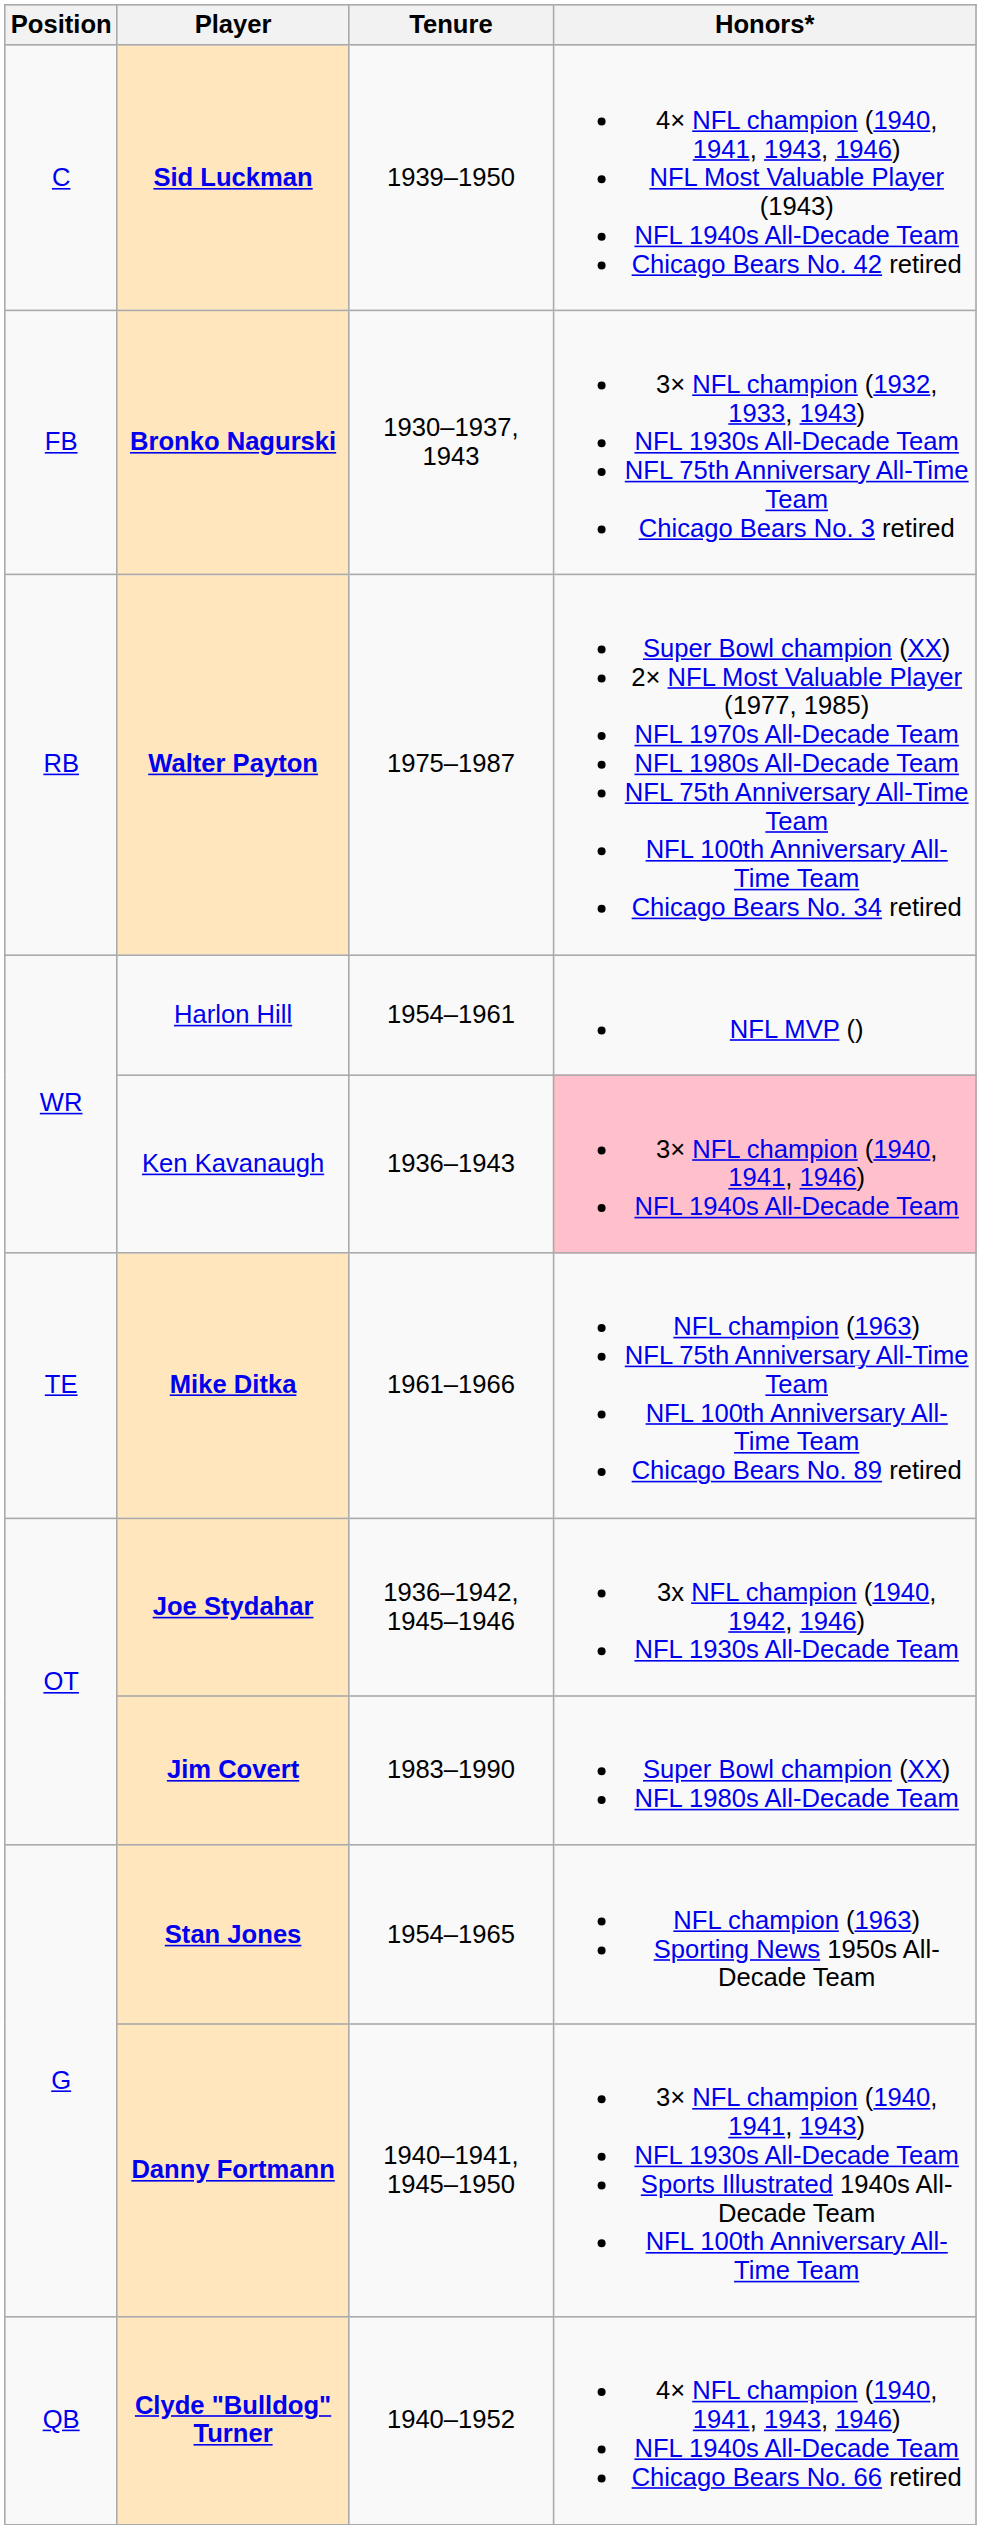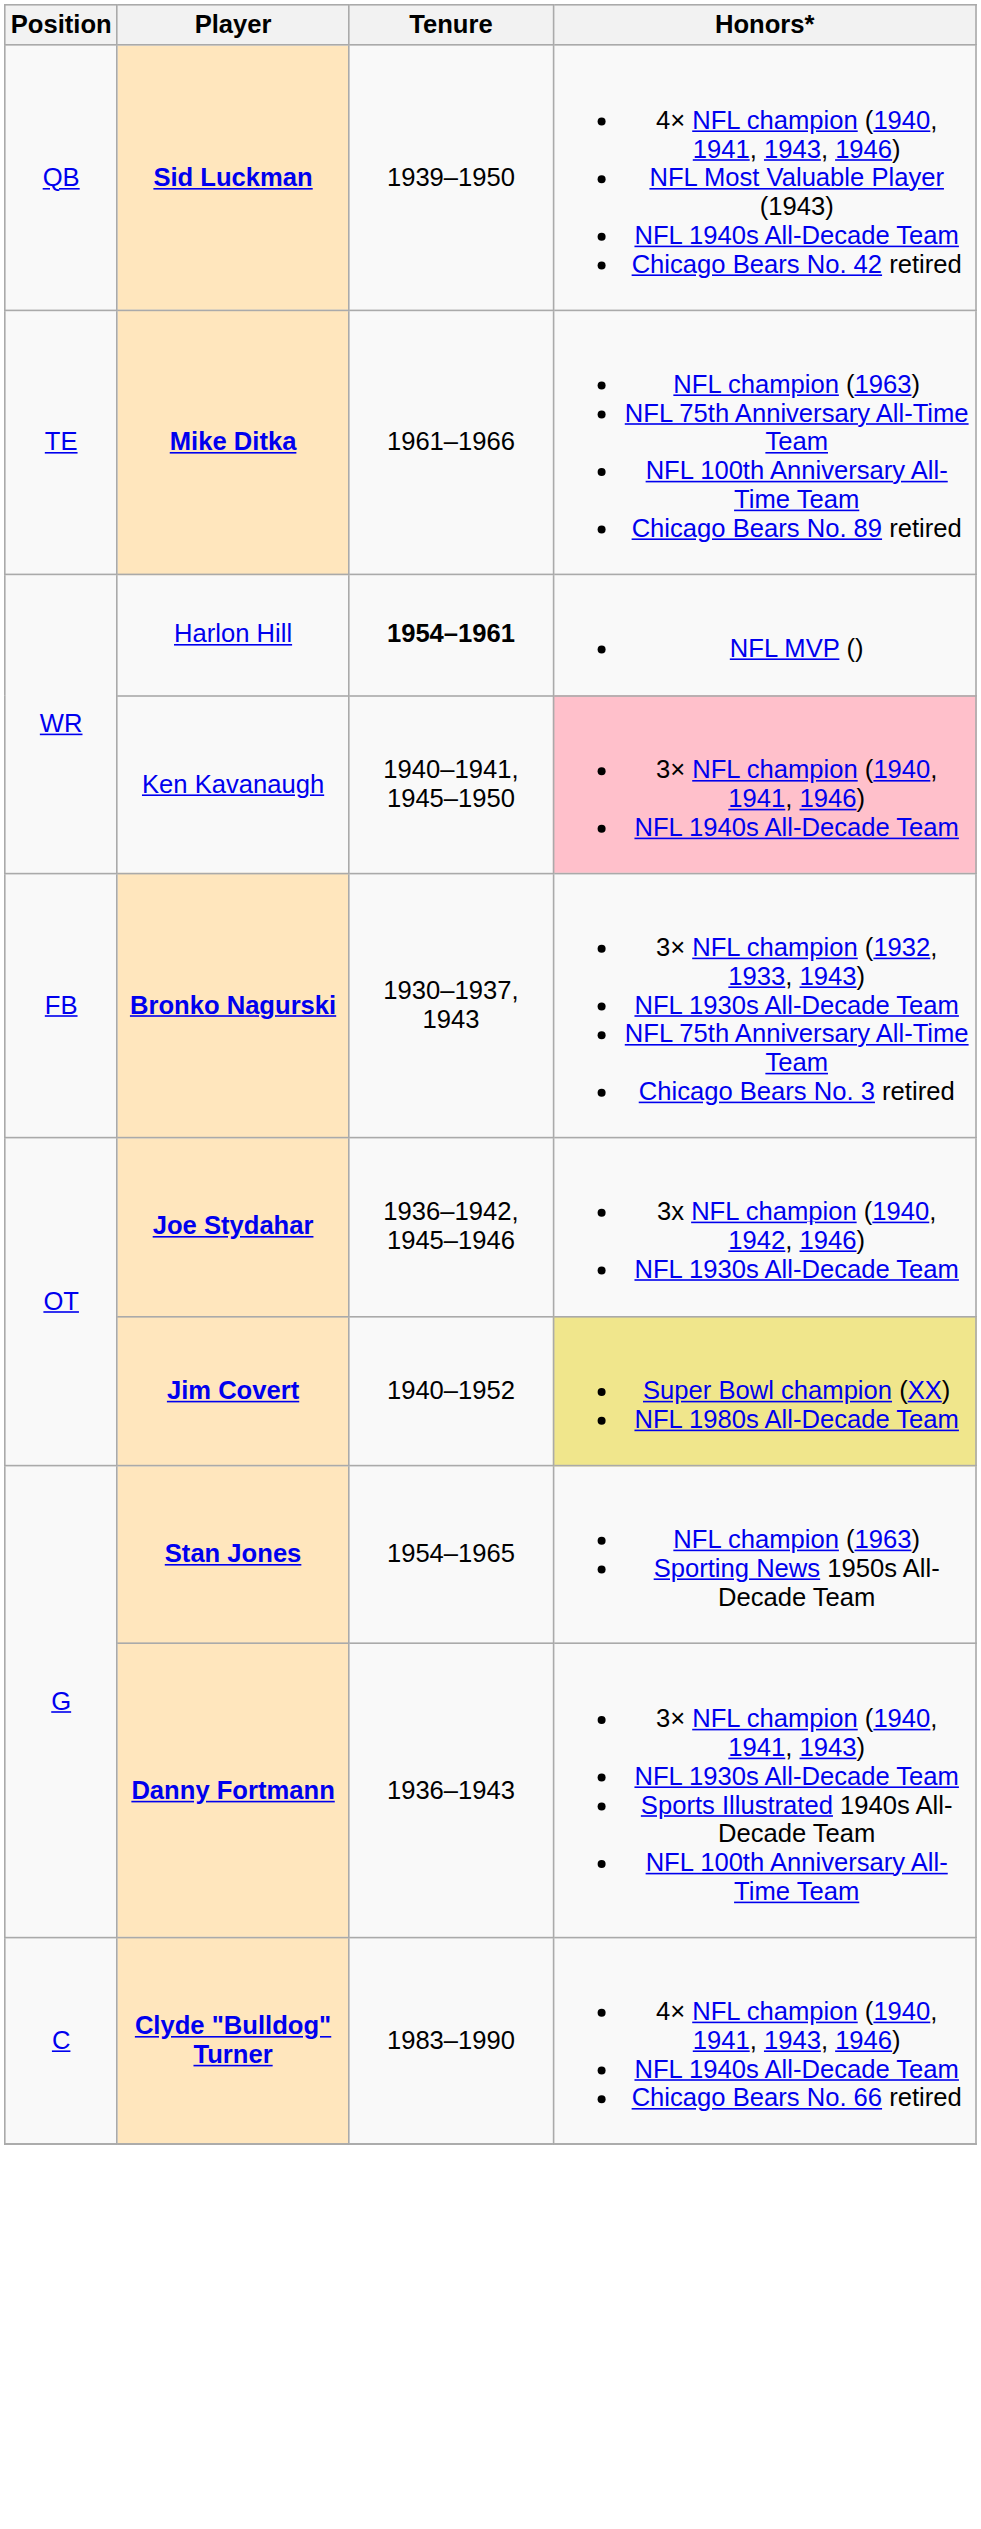 <table class="wikitable" style="text-align:center">
 <tr>
 <th>Position</th>
 <th>Player</th>
 <th>Tenure</th>
 <th>Honors*</th>
 </tr>
 <tr>
-<td rowspan=1><a href='#'>C</a></td>
+<td rowspan=1><a href='#'>QB</a></td>
 <td style="background-color:#FFE6BD"><strong><a href='#'>Sid Luckman</a></strong></td>
 <td>1939–1950</td>
 <td><br><ul><li>4× <a href='#'>NFL champion</a> (<a href='#'>1940</a>, <a href='#'>1941</a>, <a href='#'>1943</a>, <a href='#'>1946</a>)</li><li><a href='#'>NFL Most Valuable Player</a> (1943)</li><li><a href='#'>NFL 1940s All-Decade Team</a></li><li><a href='#'>Chicago Bears No. 42</a> retired</li></ul></td>
+</tr>
+<tr>
+<td rowspan=1><a href='#'>TE</a></td>
+<td style="background-color:#FFE6BD"><strong><a href='#'>Mike Ditka</a></strong></td>
+<td>1961–1966</td>
+<td><br><ul><li><a href='#'>NFL champion</a> (<a href='#'>1963</a>)</li><li><a href='#'>NFL 75th Anniversary All-Time Team</a></li><li><a href='#'>NFL 100th Anniversary All-Time Team</a></li><li><a href='#'>Chicago Bears No. 89</a> retired</li></ul></td>
+</tr>
+<tr>
+<td rowspan=2><a href='#'>WR</a></td>
+<td><a href='#'>Harlon Hill</a></td>
+<td><strong>1954–1961</strong></td>
+<td><br><ul><li><a href='#'>NFL MVP</a> ()</li></ul></td>
+</tr>
+<tr>
+<td><a href='#'>Ken Kavanaugh</a></td>
+<td>1940–1941, 1945–1950</td>
+<td style="background: pink;"><br><ul><li>3× <a href='#'>NFL champion</a> (<a href='#'>1940</a>, <a href='#'>1941</a>, <a href='#'>1946</a>)</li><li><a href='#'>NFL 1940s All-Decade Team</a></li></ul></td>
 </tr>
 <tr>
 <td rowspan=1><a href='#'>FB</a></td>
 <td style="background-color:#FFE6BD"><strong><a href='#'>Bronko Nagurski</a></strong></td>
 <td>1930–1937, 1943</td>
 <td><br><ul><li>3× <a href='#'>NFL champion</a> (<a href='#'>1932</a>, <a href='#'>1933</a>, <a href='#'>1943</a>)</li><li><a href='#'>NFL 1930s All-Decade Team</a></li><li><a href='#'>NFL 75th Anniversary All-Time Team</a></li><li><a href='#'>Chicago Bears No. 3</a> retired</li></ul></td>
-</tr>
-<tr>
-<td rowspan=1><a href='#'>RB</a></td>
-<td style="background-color:#FFE6BD"><strong><a href='#'>Walter Payton</a></strong></td>
-<td>1975–1987</td>
-<td><br><ul><li><a href='#'>Super Bowl champion</a> (<a href='#'>XX</a>)</li><li>2× <a href='#'>NFL Most Valuable Player</a> (1977, 1985)</li><li><a href='#'>NFL 1970s All-Decade Team</a></li><li><a href='#'>NFL 1980s All-Decade Team</a></li><li><a href='#'>NFL 75th Anniversary All-Time Team</a></li><li><a href='#'>NFL 100th Anniversary All-Time Team</a></li><li><a href='#'>Chicago Bears No. 34</a> retired</li></ul></td>
-</tr>
-<tr>
-<td rowspan=2><a href='#'>WR</a></td>
-<td><a href='#'>Harlon Hill</a></td>
-<td>1954–1961</td>
-<td><br><ul><li><a href='#'>NFL MVP</a> ()</li></ul></td>
-</tr>
-<tr>
-<td><a href='#'>Ken Kavanaugh</a></td>
-<td>1936–1943</td>
-<td style="background: pink;"><br><ul><li>3× <a href='#'>NFL champion</a> (<a href='#'>1940</a>, <a href='#'>1941</a>, <a href='#'>1946</a>)</li><li><a href='#'>NFL 1940s All-Decade Team</a></li></ul></td>
-</tr>
-<tr>
-<td rowspan=1><a href='#'>TE</a></td>
-<td style="background-color:#FFE6BD"><strong><a href='#'>Mike Ditka</a></strong></td>
-<td>1961–1966</td>
-<td><br><ul><li><a href='#'>NFL champion</a> (<a href='#'>1963</a>)</li><li><a href='#'>NFL 75th Anniversary All-Time Team</a></li><li><a href='#'>NFL 100th Anniversary All-Time Team</a></li><li><a href='#'>Chicago Bears No. 89</a> retired</li></ul></td>
 </tr>
 <tr>
 <td rowspan=2><a href='#'>OT</a></td>
 <td style="background-color:#FFE6BD"><strong><a href='#'>Joe Stydahar</a></strong></td>
 <td>1936–1942, 1945–1946</td>
 <td><br><ul><li>3x <a href='#'>NFL champion</a> (<a href='#'>1940</a>, <a href='#'>1942</a>, <a href='#'>1946</a>)</li><li><a href='#'>NFL 1930s All-Decade Team</a></li></ul></td>
 </tr>
 <tr>
 <td style="background-color:#FFE6BD"><strong><a href='#'>Jim Covert</a></strong></td>
-<td>1983–1990</td>
-<td><br><ul><li><a href='#'>Super Bowl champion</a> (<a href='#'>XX</a>)</li><li><a href='#'>NFL 1980s All-Decade Team</a></li></ul></td>
+<td>1940–1952</td>
+<td style="background: khaki;"><br><ul><li><a href='#'>Super Bowl champion</a> (<a href='#'>XX</a>)</li><li><a href='#'>NFL 1980s All-Decade Team</a></li></ul></td>
 </tr>
 <tr>
 <td rowspan=2><a href='#'>G</a></td>
 <td style="background-color:#FFE6BD"><strong><a href='#'>Stan Jones</a></strong></td>
 <td>1954–1965</td>
 <td><br><ul><li><a href='#'>NFL champion</a> (<a href='#'>1963</a>)</li><li><a href='#'>Sporting News</a> 1950s All-Decade Team</li></ul></td>
 </tr>
 <tr>
 <td style="background-color:#FFE6BD"><strong><a href='#'>Danny Fortmann</a></strong></td>
-<td>1940–1941, 1945–1950</td>
+<td>1936–1943</td>
 <td><br><ul><li>3× <a href='#'>NFL champion</a> (<a href='#'>1940</a>, <a href='#'>1941</a>, <a href='#'>1943</a>)</li><li><a href='#'>NFL 1930s All-Decade Team</a></li><li><a href='#'>Sports Illustrated</a> 1940s All-Decade Team</li><li><a href='#'>NFL 100th Anniversary All-Time Team</a></li></ul></td>
 </tr>
 <tr>
-<td rowspan=1><a href='#'>QB</a></td>
+<td rowspan=1><a href='#'>C</a></td>
 <td style="background-color:#FFE6BD"><strong><a href='#'>Clyde "Bulldog" Turner</a></strong></td>
-<td>1940–1952</td>
+<td>1983–1990</td>
 <td><br><ul><li>4× <a href='#'>NFL champion</a> (<a href='#'>1940</a>, <a href='#'>1941</a>, <a href='#'>1943</a>, <a href='#'>1946</a>)</li><li><a href='#'>NFL 1940s All-Decade Team</a></li><li><a href='#'>Chicago Bears No. 66</a> retired</li></ul></td>
 </tr>
 <tr>
 </tr>
 </table>
